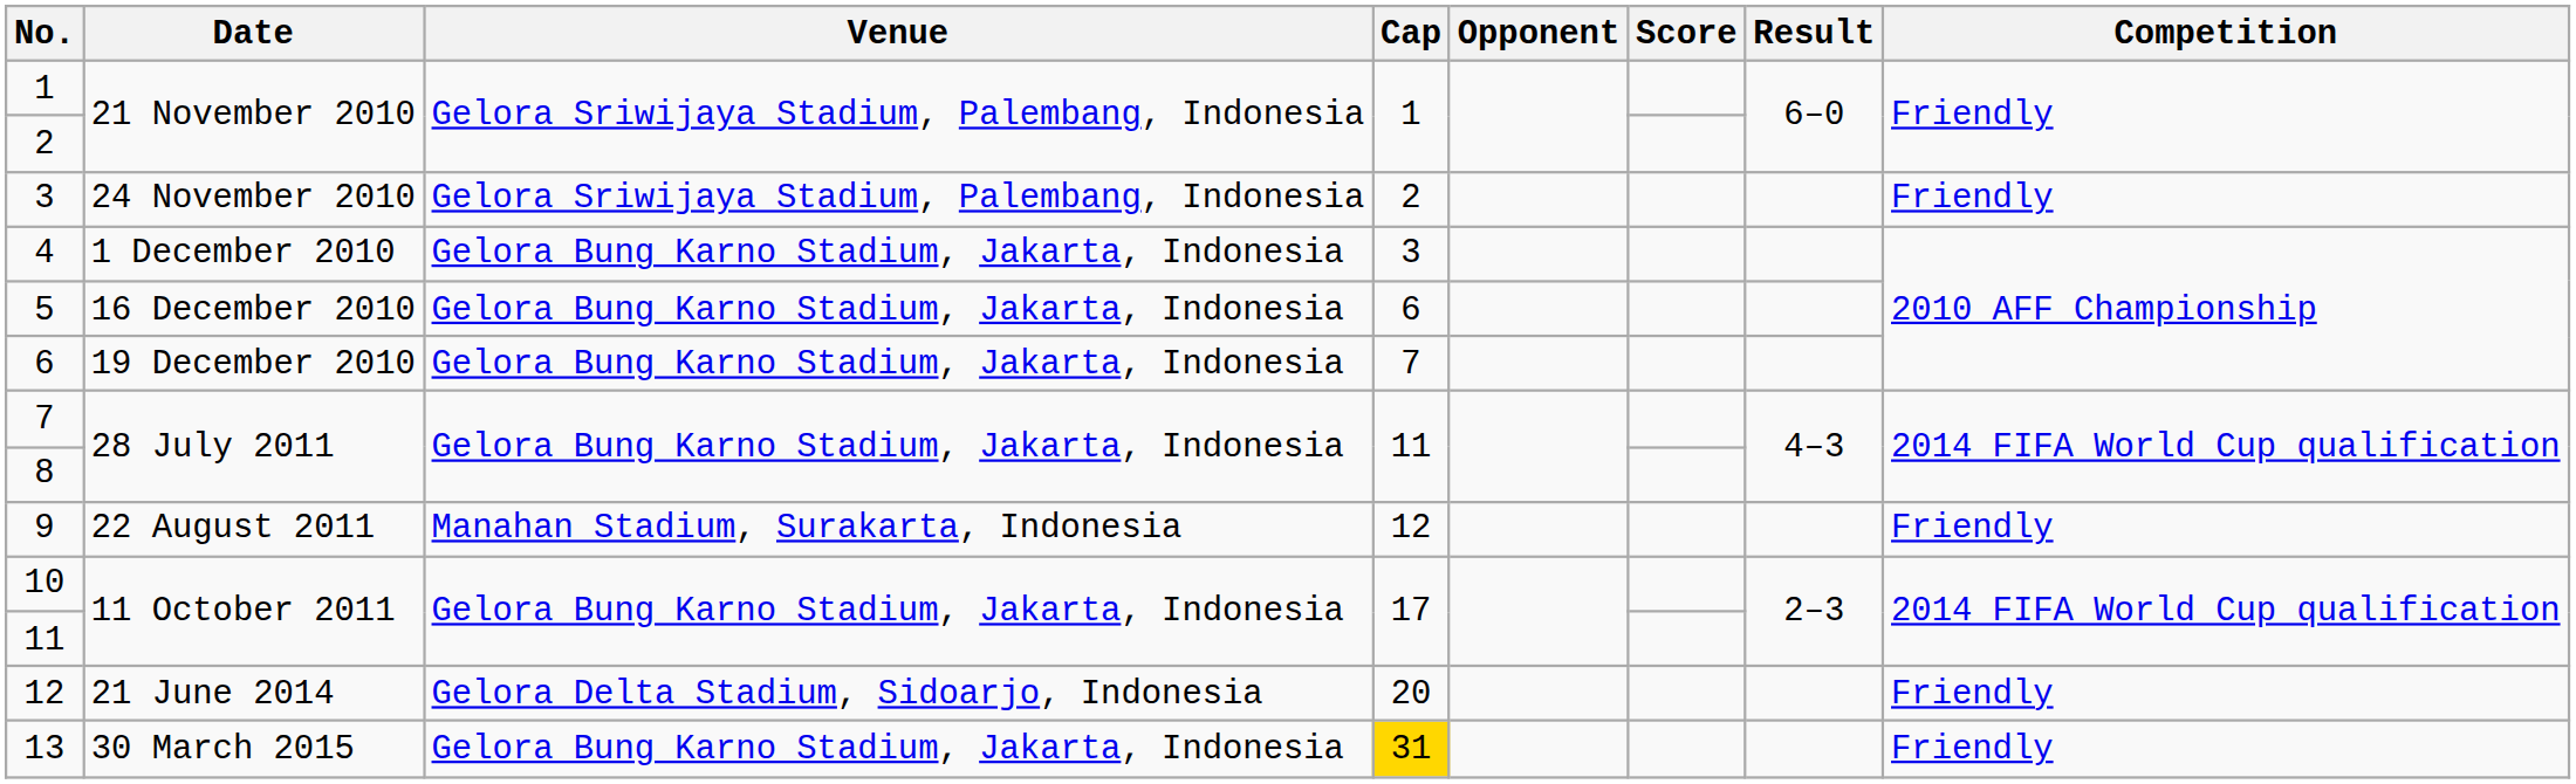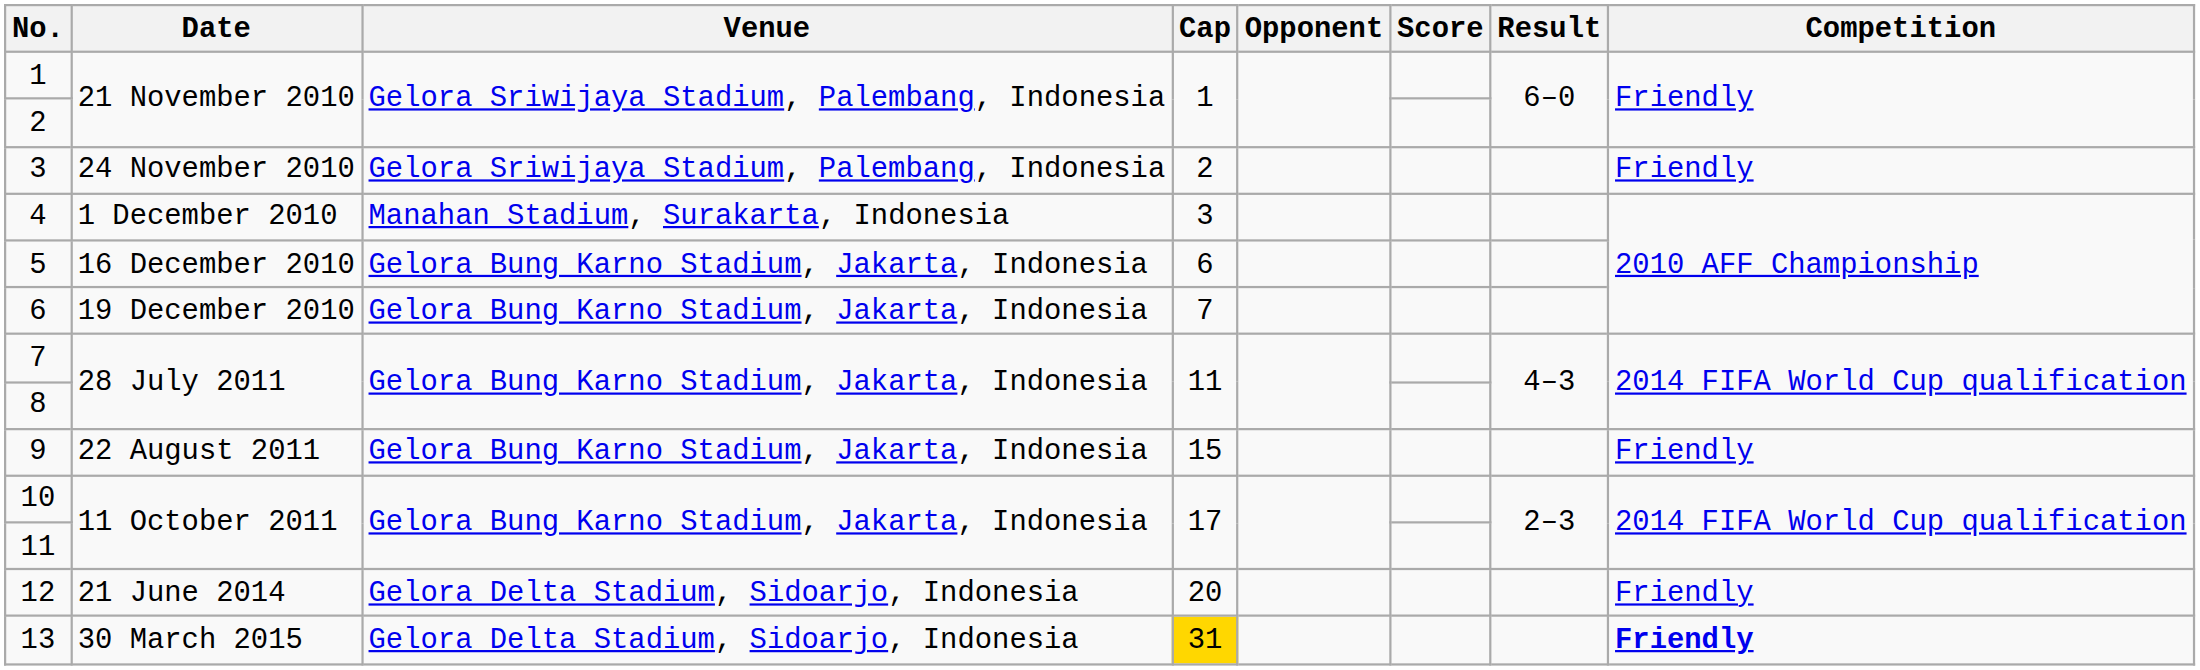 <table class="wikitable sortable">
 <tr>
 <th scope="col">No.</th>
 <th scope="col">Date</th>
 <th scope="col">Venue</th>
 <th scope="col">Cap</th>
 <th scope="col">Opponent</th>
 <th scope="col">Score</th>
 <th scope="col">Result</th>
 <th scope="col">Competition</th>
 </tr>
 <tr>
 <td style="text-align:center">1</td>
 <td rowspan="2">21 November 2010</td>
 <td rowspan="2"><a href='#'>Gelora Sriwijaya Stadium</a>, <a href='#'>Palembang</a>, Indonesia</td>
 <td rowspan="2" ; style="text-align:center">1</td>
 <td rowspan="2"></td>
 <td></td>
 <td rowspan="2" style="text-align:center;">6–0</td>
 <td rowspan="2"><a href='#'>Friendly</a></td>
 </tr>
 <tr>
 <td style="text-align:center">2</td>
 <td></td>
 </tr>
 <tr>
 <td style="text-align:center">3</td>
 <td>24 November 2010</td>
 <td><a href='#'>Gelora Sriwijaya Stadium</a>, <a href='#'>Palembang</a>, Indonesia</td>
 <td style="text-align:center">2</td>
 <td></td>
 <td></td>
 <td></td>
 <td><a href='#'>Friendly</a></td>
 </tr>
 <tr>
 <td style="text-align:center">4</td>
 <td>1 December 2010</td>
-<td><a href='#'>Gelora Bung Karno Stadium</a>, <a href='#'>Jakarta</a>, Indonesia</td>
+<td><a href='#'>Manahan Stadium</a>, <a href='#'>Surakarta</a>, Indonesia</td>
 <td style="text-align:center">3</td>
 <td></td>
 <td></td>
 <td></td>
 <td rowspan=3><a href='#'>2010 AFF Championship</a></td>
 </tr>
 <tr>
 <td style="text-align:center">5</td>
 <td>16 December 2010</td>
 <td><a href='#'>Gelora Bung Karno Stadium</a>, <a href='#'>Jakarta</a>, Indonesia</td>
 <td style="text-align:center">6</td>
 <td></td>
 <td></td>
 <td></td>
 </tr>
 <tr>
 <td style="text-align:center">6</td>
 <td>19 December 2010</td>
 <td><a href='#'>Gelora Bung Karno Stadium</a>, <a href='#'>Jakarta</a>, Indonesia</td>
 <td style="text-align:center">7</td>
 <td></td>
 <td></td>
 <td></td>
 </tr>
 <tr>
 <td style="text-align:center">7</td>
 <td rowspan="2">28 July 2011</td>
 <td rowspan="2"><a href='#'>Gelora Bung Karno Stadium</a>, <a href='#'>Jakarta</a>, Indonesia</td>
 <td rowspan="2" ; style="text-align:center">11</td>
 <td rowspan="2"></td>
 <td></td>
 <td rowspan="2" style="text-align:center;">4–3</td>
 <td rowspan="2"><a href='#'>2014 FIFA World Cup qualification</a></td>
 </tr>
 <tr>
 <td style="text-align:center">8</td>
 <td></td>
 </tr>
 <tr>
 <td style="text-align:center">9</td>
 <td>22 August 2011</td>
-<td><a href='#'>Manahan Stadium</a>, <a href='#'>Surakarta</a>, Indonesia</td>
-<td style="text-align:center">12</td>
+<td><a href='#'>Gelora Bung Karno Stadium</a>, <a href='#'>Jakarta</a>, Indonesia</td>
+<td style="text-align:center">15</td>
 <td></td>
 <td></td>
 <td></td>
 <td><a href='#'>Friendly</a></td>
 </tr>
 <tr>
 <td style="text-align:center">10</td>
 <td rowspan="2">11 October 2011</td>
 <td rowspan="2"><a href='#'>Gelora Bung Karno Stadium</a>, <a href='#'>Jakarta</a>, Indonesia</td>
 <td rowspan="2" ; style="text-align:center">17</td>
 <td rowspan="2"></td>
 <td></td>
 <td rowspan="2" style="text-align:center;">2–3</td>
 <td rowspan="2"><a href='#'>2014 FIFA World Cup qualification</a></td>
 </tr>
 <tr>
 <td style="text-align:center">11</td>
 <td></td>
 </tr>
 <tr>
 <td style="text-align:center">12</td>
 <td>21 June 2014</td>
 <td><a href='#'>Gelora Delta Stadium</a>, <a href='#'>Sidoarjo</a>, Indonesia</td>
 <td style="text-align:center">20</td>
 <td></td>
 <td></td>
 <td></td>
 <td><a href='#'>Friendly</a></td>
 </tr>
 <tr>
 <td style="text-align:center">13</td>
 <td>30 March 2015</td>
-<td><a href='#'>Gelora Bung Karno Stadium</a>, <a href='#'>Jakarta</a>, Indonesia</td>
+<td><a href='#'>Gelora Delta Stadium</a>, <a href='#'>Sidoarjo</a>, Indonesia</td>
 <td style="background: gold; text-align:center">31</td>
 <td></td>
 <td></td>
 <td></td>
-<td><a href='#'>Friendly</a></td>
+<td><strong><a href='#'>Friendly</a></strong></td>
 </tr>
 </table>
